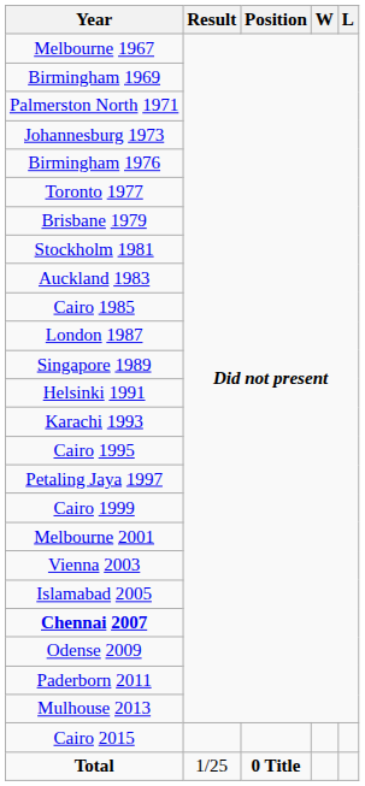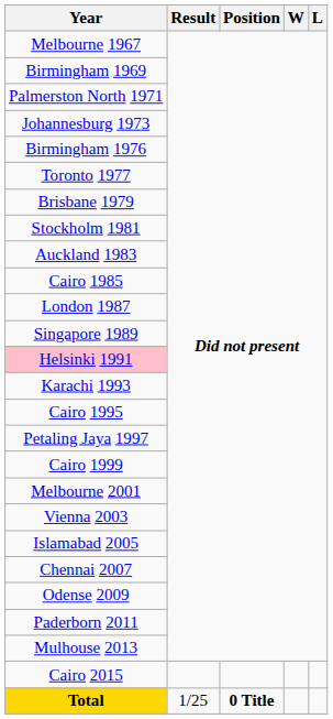 <table class="wikitable" style="text-align: center;">
 <tr>
 <th>Year</th>
 <th>Result</th>
 <th>Position</th>
 <th>W</th>
 <th>L</th>
 </tr>
 <tr>
 <td> <a href='#'>Melbourne</a> <a href='#'>1967</a></td>
 <td rowspan="24" colspan="4" align="center"><strong><em>Did not present</em></strong></td>
 </tr>
 <tr>
 <td> <a href='#'>Birmingham</a> <a href='#'>1969</a></td>
 </tr>
 <tr>
 <td> <a href='#'>Palmerston North</a> <a href='#'>1971</a></td>
 </tr>
 <tr>
 <td> <a href='#'>Johannesburg</a> <a href='#'>1973</a></td>
 </tr>
 <tr>
 <td> <a href='#'>Birmingham</a> <a href='#'>1976</a></td>
 </tr>
 <tr>
 <td> <a href='#'>Toronto</a> <a href='#'>1977</a></td>
 </tr>
 <tr>
 <td> <a href='#'>Brisbane</a> <a href='#'>1979</a></td>
 </tr>
 <tr>
 <td> <a href='#'>Stockholm</a> <a href='#'>1981</a></td>
 </tr>
 <tr>
 <td> <a href='#'>Auckland</a> <a href='#'>1983</a></td>
 </tr>
 <tr>
 <td> <a href='#'>Cairo</a> <a href='#'>1985</a></td>
 </tr>
 <tr>
 <td> <a href='#'>London</a> <a href='#'>1987</a></td>
 </tr>
 <tr>
 <td> <a href='#'>Singapore</a> <a href='#'>1989</a></td>
 </tr>
 <tr>
-<td> <a href='#'>Helsinki</a> <a href='#'>1991</a></td>
+<td style="background: pink;"> <a href='#'>Helsinki</a> <a href='#'>1991</a></td>
 </tr>
 <tr>
 <td> <a href='#'>Karachi</a> <a href='#'>1993</a></td>
 </tr>
 <tr>
 <td> <a href='#'>Cairo</a> <a href='#'>1995</a></td>
 </tr>
 <tr>
 <td> <a href='#'>Petaling Jaya</a> <a href='#'>1997</a></td>
 </tr>
 <tr>
 <td> <a href='#'>Cairo</a> <a href='#'>1999</a></td>
 </tr>
 <tr>
 <td> <a href='#'>Melbourne</a> <a href='#'>2001</a></td>
 </tr>
 <tr>
 <td> <a href='#'>Vienna</a> <a href='#'>2003</a></td>
 </tr>
 <tr>
 <td> <a href='#'>Islamabad</a> <a href='#'>2005</a></td>
 </tr>
 <tr>
-<td><strong> <a href='#'>Chennai</a> <a href='#'>2007</a></strong></td>
+<td> <a href='#'>Chennai</a> <a href='#'>2007</a></td>
 </tr>
 <tr>
 <td> <a href='#'>Odense</a> <a href='#'>2009</a></td>
 </tr>
 <tr>
 <td> <a href='#'>Paderborn</a> <a href='#'>2011</a></td>
 </tr>
 <tr>
 <td> <a href='#'>Mulhouse</a> <a href='#'>2013</a></td>
 </tr>
 <tr>
 <td> <a href='#'>Cairo</a> <a href='#'>2015</a></td>
 <td></td>
 <td></td>
 <td></td>
 <td></td>
 </tr>
 <tr>
-<td><strong>Total</strong></td>
+<td style="background: gold;"><strong>Total</strong></td>
 <td>1/25</td>
 <td><strong>0 Title</strong></td>
 <td></td>
 <td></td>
 </tr>
 </table>
